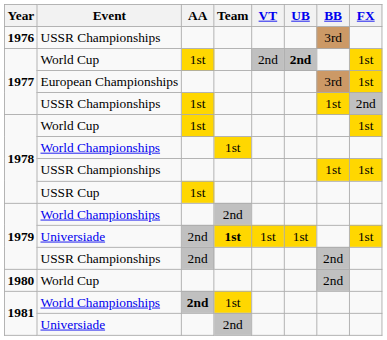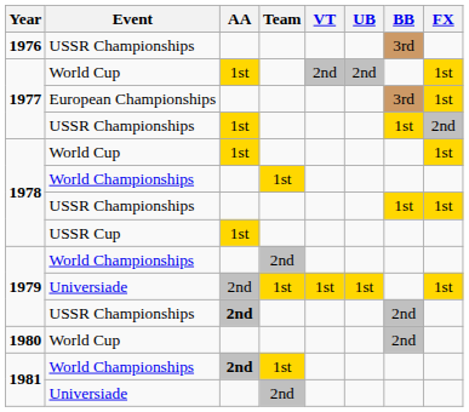 <table class="wikitable" style="text-align:center; font-size: 95%;">
 <tr>
 <th>Year</th>
 <th>Event</th>
 <th width=30px>AA</th>
 <th width=30px>Team</th>
 <th width=30px><a href='#'>VT</a></th>
 <th width=30px><a href='#'>UB</a></th>
 <th width=30px><a href='#'>BB</a></th>
 <th width=30px><a href='#'>FX</a></th>
 </tr>
 <tr>
 <td rowspan="1"><strong>1976</strong></td>
 <td align=left>USSR Championships</td>
 <td></td>
 <td></td>
 <td></td>
 <td></td>
 <td bgcolor=CC9966>3rd</td>
 <td></td>
 </tr>
 <tr>
 <td rowspan="3"><strong>1977</strong></td>
 <td align=left>World Cup</td>
 <td bgcolor=gold>1st</td>
 <td></td>
 <td bgcolor=silver>2nd</td>
-<td bgcolor=silver><strong>2nd</strong></td>
+<td bgcolor=silver>2nd</td>
 <td></td>
 <td bgcolor=gold>1st</td>
 </tr>
 <tr>
 <td align=left>European Championships</td>
 <td></td>
 <td></td>
 <td></td>
 <td></td>
 <td bgcolor=CC9966>3rd</td>
 <td bgcolor=gold>1st</td>
 </tr>
 <tr>
 <td align=left>USSR Championships</td>
 <td bgcolor=gold>1st</td>
 <td></td>
 <td></td>
 <td></td>
 <td bgcolor=gold>1st</td>
 <td bgcolor=silver>2nd</td>
 </tr>
 <tr>
 <td rowspan="4"><strong>1978</strong></td>
 <td align=left>World Cup</td>
 <td bgcolor=gold>1st</td>
 <td></td>
 <td></td>
 <td></td>
 <td></td>
 <td bgcolor=gold>1st</td>
 </tr>
 <tr>
 <td align=left><a href='#'>World Championships</a></td>
 <td></td>
 <td bgcolor=gold>1st</td>
 <td></td>
 <td></td>
 <td></td>
 <td></td>
 </tr>
 <tr>
 <td align=left>USSR Championships</td>
 <td></td>
 <td></td>
 <td></td>
 <td></td>
 <td bgcolor=gold>1st</td>
 <td bgcolor=gold>1st</td>
 </tr>
 <tr>
 <td align=left>USSR Cup</td>
 <td bgcolor=gold>1st</td>
 <td></td>
 <td></td>
 <td></td>
 <td></td>
 <td></td>
 </tr>
 <tr>
 <td rowspan="3"><strong>1979</strong></td>
 <td align=left><a href='#'>World Championships</a></td>
 <td></td>
 <td bgcolor=silver>2nd</td>
 <td></td>
 <td></td>
 <td></td>
 <td></td>
 </tr>
 <tr>
 <td align=left><a href='#'>Universiade</a></td>
 <td bgcolor=silver>2nd</td>
-<td bgcolor=gold><strong>1st</strong></td>
+<td bgcolor=gold>1st</td>
 <td bgcolor=gold>1st</td>
 <td bgcolor=gold>1st</td>
 <td></td>
 <td bgcolor=gold>1st</td>
 </tr>
 <tr>
 <td align=left>USSR Championships</td>
-<td bgcolor=silver>2nd</td>
+<td bgcolor=silver><strong>2nd</strong></td>
 <td></td>
 <td></td>
 <td></td>
 <td bgcolor=silver>2nd</td>
 <td></td>
 </tr>
 <tr>
 <td rowspan="1"><strong>1980</strong></td>
 <td align=left>World Cup</td>
 <td></td>
 <td></td>
 <td></td>
 <td></td>
 <td bgcolor=silver>2nd</td>
 <td></td>
 </tr>
 <tr>
 <td rowspan="2"><strong>1981</strong></td>
 <td align=left><a href='#'>World Championships</a></td>
 <td bgcolor=silver><strong>2nd</strong></td>
 <td bgcolor=gold>1st</td>
 <td></td>
 <td></td>
 <td></td>
 <td></td>
 </tr>
 <tr>
 <td align=left><a href='#'>Universiade</a></td>
 <td></td>
 <td bgcolor=silver>2nd</td>
 <td></td>
 <td></td>
 <td></td>
 <td></td>
 </tr>
 </table>
